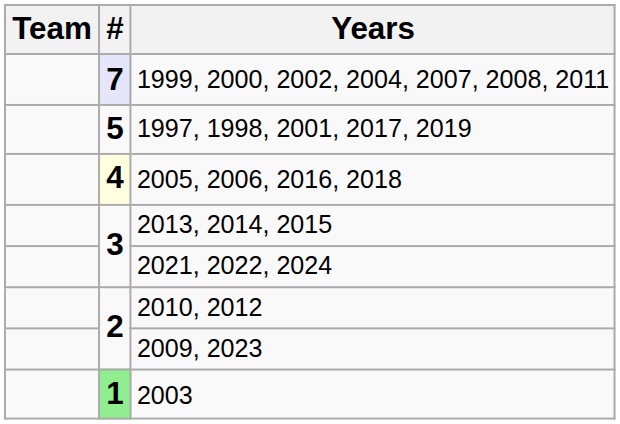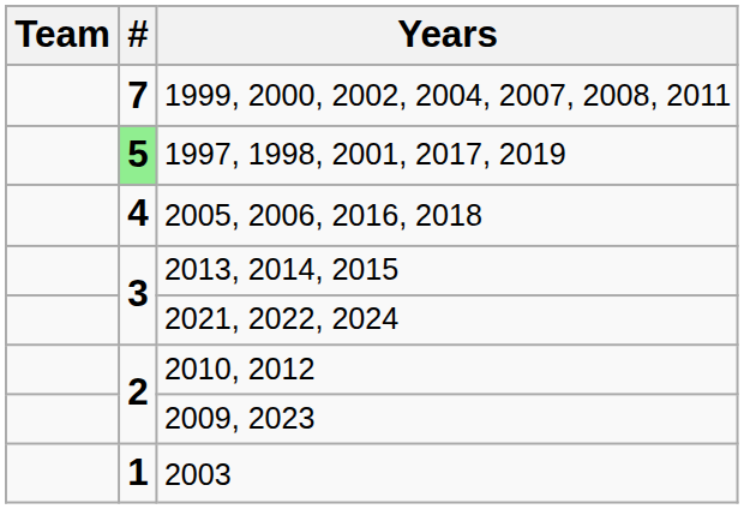 <table class="wikitable" style="text-align:center;">
 <tr>
 <th>Team</th>
 <th>#</th>
 <th class="unsortable">Years</th>
 </tr>
 <tr>
 <td style=><strong><a href='#'></a></strong></td>
-<td style="background: lavender;"><strong>7</strong></td>
+<td><strong>7</strong></td>
 <td align=left style="font-size:80%;">1999, 2000, 2002, 2004, 2007, 2008, 2011</td>
 </tr>
 <tr>
 <td style=><strong></strong></td>
-<td><strong>5</strong></td>
+<td style="background: lightgreen;"><strong>5</strong></td>
 <td align=left style="font-size:80%;">1997, 1998, 2001, 2017, 2019</td>
 </tr>
 <tr>
 <td style=><strong></strong></td>
-<td style="background: lightyellow;"><strong>4</strong></td>
+<td><strong>4</strong></td>
 <td align=left style="font-size:80%;">2005, 2006, 2016, 2018</td>
 </tr>
 <tr>
 <td style=><strong><a href='#'></a></strong></td>
 <td rowspan="2"><strong>3</strong></td>
 <td align=left style="font-size:80%;">2013, 2014, 2015</td>
 </tr>
 <tr>
 <td><strong><a href='#'></a></strong></td>
 <td align="left" style="font-size:80%;">2021, 2022, 2024</td>
 </tr>
 <tr>
 <td><strong><a href='#'></a></strong></td>
 <td rowspan="2"><strong>2</strong></td>
 <td align="left" style="font-size:80%;">2010, 2012</td>
 </tr>
 <tr>
 <td style=><strong><a href='#'></a></strong></td>
 <td align=left style="font-size:80%;">2009, 2023</td>
 </tr>
 <tr>
 <td style=><strong><a href='#'></a></strong></td>
-<td rowspan=1 style="background: lightgreen;"><strong>1</strong></td>
+<td rowspan=1><strong>1</strong></td>
 <td align=left style="font-size:80%;">2003</td>
 </tr>
 </table>
